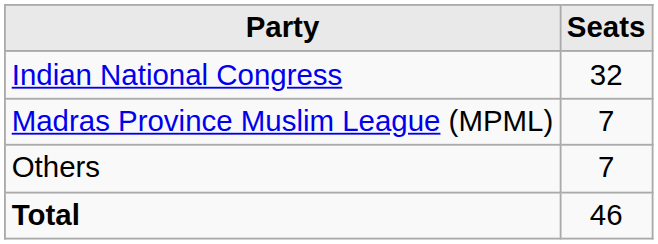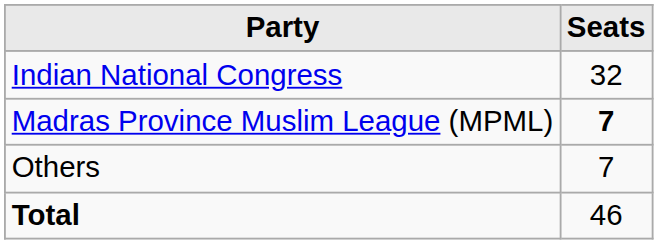 <table class="wikitable">
 <tr>
 <th style="background-color:#E9E9E9" align=left valign=top>Party</th>
 <th style="background-color:#E9E9E9" align=right>Seats</th>
 </tr>
 <tr>
 <td align=left><a href='#'>Indian National Congress</a></td>
 <td align=center>32</td>
 </tr>
 <tr>
 <td align=left><a href='#'>Madras Province Muslim League</a> (MPML)</td>
-<td align=center>7</td>
+<td align=center><strong>7</strong></td>
 </tr>
 <tr>
 <td align=left>Others</td>
 <td align=center>7</td>
 </tr>
 <tr>
 <td align=left><strong>Total</strong></td>
 <td align=center>46</td>
 </tr>
 </table>
